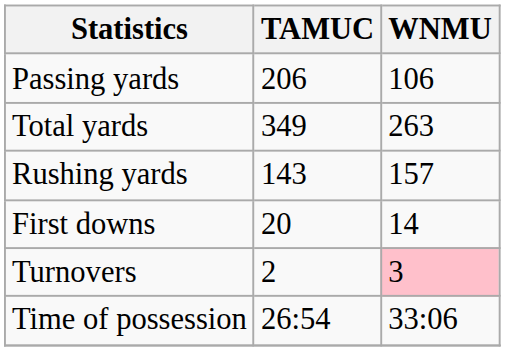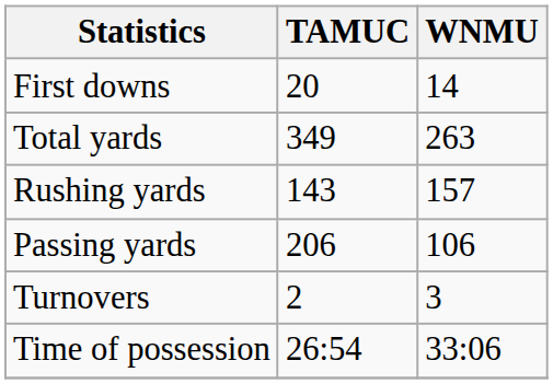 <table class="wikitable" style="float: left;">
 <tr>
 <th>Statistics</th>
 <th>TAMUC</th>
 <th>WNMU</th>
 </tr>
 <tr>
-<td>Passing yards</td>
-<td>206</td>
-<td>106</td>
+<td>First downs</td>
+<td>20</td>
+<td>14</td>
 </tr>
 <tr>
 <td>Total yards</td>
 <td>349</td>
 <td>263</td>
 </tr>
 <tr>
 <td>Rushing yards</td>
 <td>143</td>
 <td>157</td>
 </tr>
 <tr>
-<td>First downs</td>
-<td>20</td>
-<td>14</td>
+<td>Passing yards</td>
+<td>206</td>
+<td>106</td>
 </tr>
 <tr>
 <td>Turnovers</td>
 <td>2</td>
-<td style="background: pink;">3</td>
+<td>3</td>
 </tr>
 <tr>
 <td>Time of possession</td>
 <td>26:54</td>
 <td>33:06</td>
 </tr>
 <tr>
 </tr>
 </table>
